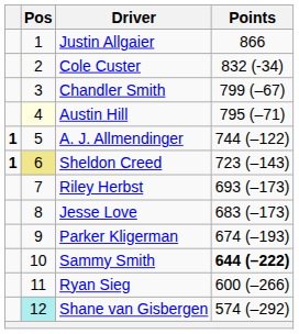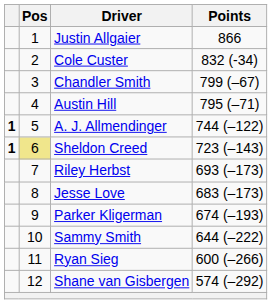 <table class="wikitable" style="font-size: 95%;">
 <tr>
 <th></th>
 <th>Pos</th>
 <th>Driver</th>
 <th>Points</th>
 </tr>
 <tr>
 <td align="left"></td>
 <td style="text-align:center;">1</td>
 <td><a href='#'>Justin Allgaier</a></td>
 <td style="text-align:center;">866</td>
 </tr>
 <tr>
 <td align="left"></td>
 <td style="text-align:center;">2</td>
 <td><a href='#'>Cole Custer</a></td>
 <td style="text-align:center;">832 (-34)</td>
 </tr>
 <tr>
 <td align="left"></td>
 <td style="text-align:center;">3</td>
 <td><a href='#'>Chandler Smith</a></td>
 <td style="text-align:center;">799 (–67)</td>
 </tr>
 <tr>
 <td align="left"></td>
-<td style="background: lightyellow; text-align:center;">4</td>
+<td style="text-align:center;">4</td>
 <td><a href='#'>Austin Hill</a></td>
 <td style="text-align:center;">795 (–71)</td>
 </tr>
 <tr>
 <td align="left"> <strong>1</strong></td>
 <td style="text-align:center;">5</td>
 <td><a href='#'>A. J. Allmendinger</a></td>
 <td style="text-align:center;">744 (–122)</td>
 </tr>
 <tr>
 <td align="left"> <strong>1</strong></td>
 <td style="background: khaki; text-align:center;">6</td>
 <td><a href='#'>Sheldon Creed</a></td>
 <td style="text-align:center;">723 (–143)</td>
 </tr>
 <tr>
 <td align="left"></td>
 <td style="text-align:center;">7</td>
 <td><a href='#'>Riley Herbst</a></td>
 <td style="text-align:center;">693 (–173)</td>
 </tr>
 <tr>
 <td align="left"></td>
 <td style="text-align:center;">8</td>
 <td><a href='#'>Jesse Love</a></td>
 <td style="text-align:center;">683 (–173)</td>
 </tr>
 <tr>
 <td align="left"></td>
 <td style="text-align:center;">9</td>
 <td><a href='#'>Parker Kligerman</a></td>
 <td style="text-align:center;">674 (–193)</td>
 </tr>
 <tr>
 <td align="left"></td>
 <td style="text-align:center;">10</td>
 <td><a href='#'>Sammy Smith</a></td>
-<td style="text-align:center;"><strong>644 (–222)</strong></td>
+<td style="text-align:center;">644 (–222)</td>
 </tr>
 <tr>
 <td align="left"></td>
 <td style="text-align:center;">11</td>
 <td><a href='#'>Ryan Sieg</a></td>
 <td style="text-align:center;">600 (–266)</td>
 </tr>
 <tr>
 <td align="left"></td>
-<td style="background: paleturquoise; text-align:center;">12</td>
+<td style="text-align:center;">12</td>
 <td><a href='#'>Shane van Gisbergen</a></td>
 <td style="text-align:center;">574 (–292)</td>
 </tr>
 <tr class="sortbottom">
 <th colspan="9"></th>
 </tr>
 </table>
